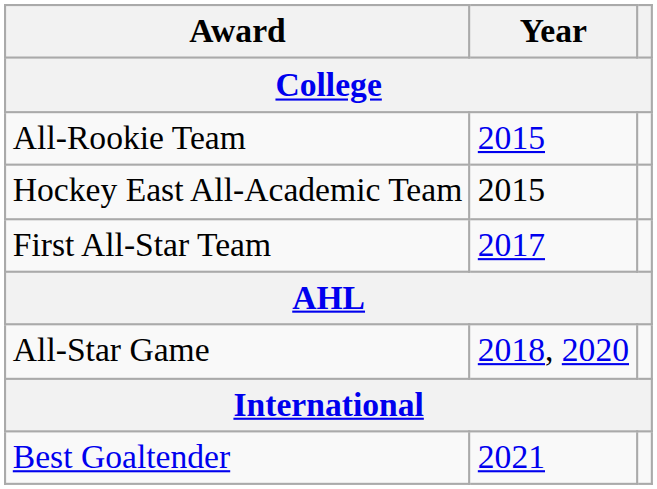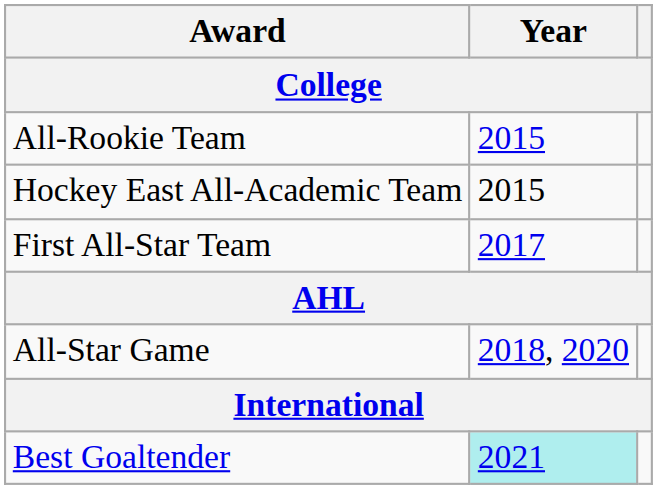 <table class="wikitable">
 <tr>
 <th>Award</th>
 <th>Year</th>
 <th></th>
 </tr>
 <tr>
 <th colspan="3"><a href='#'>College</a></th>
 </tr>
 <tr>
 <td>All-Rookie Team</td>
 <td><a href='#'>2015</a></td>
 <td></td>
 </tr>
 <tr>
 <td>Hockey East All-Academic Team</td>
 <td>2015</td>
 <td></td>
 </tr>
 <tr>
 <td>First All-Star Team</td>
 <td><a href='#'>2017</a></td>
 <td></td>
 </tr>
 <tr>
 <th colspan="3"><a href='#'>AHL</a></th>
 </tr>
 <tr>
 <td>All-Star Game</td>
 <td><a href='#'>2018</a>, <a href='#'>2020</a></td>
 <td></td>
 </tr>
 <tr>
 <th colspan="3"><a href='#'>International</a></th>
 </tr>
 <tr>
 <td><a href='#'>Best Goaltender</a></td>
-<td><a href='#'>2021</a></td>
+<td style="background: paleturquoise;"><a href='#'>2021</a></td>
 <td></td>
 </tr>
 </table>
